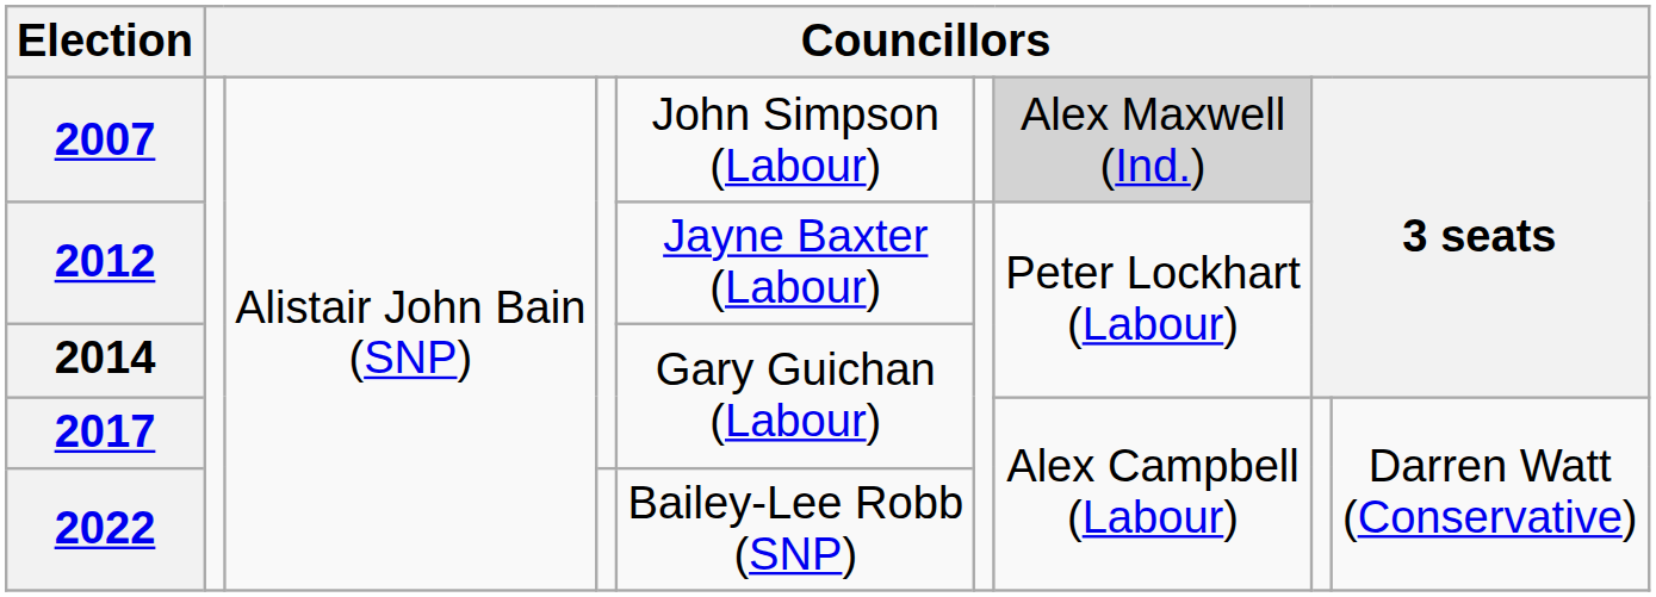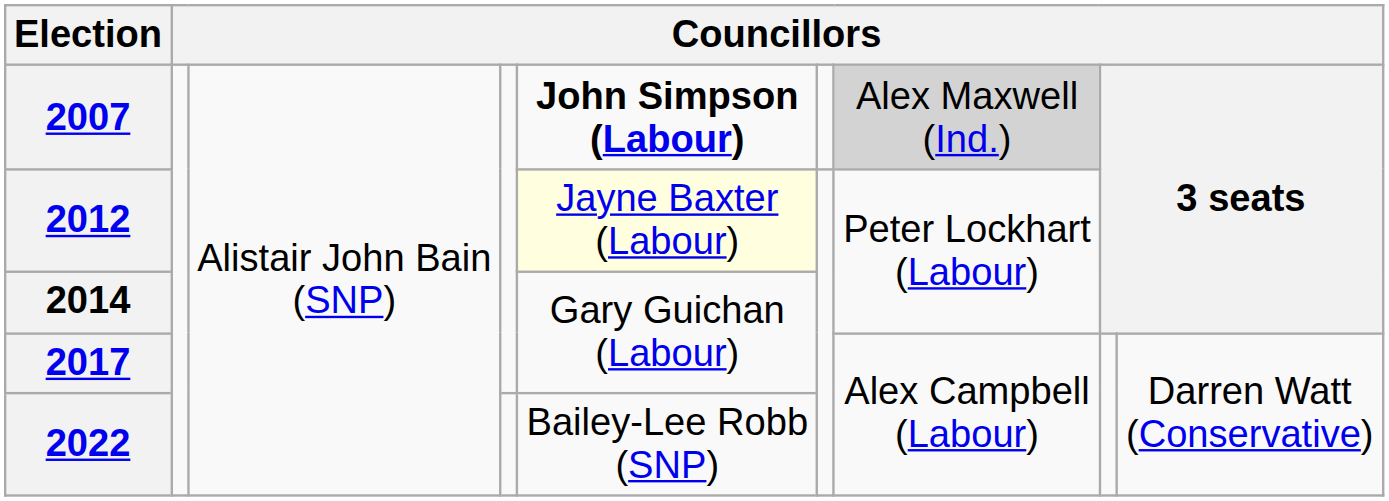 <table class="wikitable" style="text-align:center">
 <tr>
 <th>Election</th>
 <th colspan=8>Councillors</th>
 </tr>
 <tr>
 <th><a href='#'>2007</a></th>
 <td rowspan=5; style="background-color: "></td>
 <td rowspan=5>Alistair John Bain<br>(<a href='#'>SNP</a>)</td>
 <td rowspan=4; style="background-color: "></td>
-<td rowspan=1>John Simpson<br>(<a href='#'>Labour</a>)</td>
+<td rowspan=1><strong>John Simpson<br>(<a href='#'>Labour</a>)</strong></td>
 <td rowspan=1; style="background-color: "></td>
 <td rowspan=1 style="background: lightgrey;">Alex Maxwell<br>(<a href='#'>Ind.</a>)</td>
 <th colspan=2; rowspan=3>3 seats</th>
 </tr>
 <tr>
 <th><a href='#'>2012</a></th>
-<td rowspan=1><a href='#'>Jayne Baxter</a><br>(<a href='#'>Labour</a>)</td>
+<td rowspan=1 style="background: lightyellow;"><a href='#'>Jayne Baxter</a><br>(<a href='#'>Labour</a>)</td>
 <td rowspan=4; style="background-color: "></td>
 <td rowspan=2>Peter Lockhart<br>(<a href='#'>Labour</a>)</td>
 </tr>
 <tr>
 <th>2014</th>
 <td rowspan=2>Gary Guichan<br>(<a href='#'>Labour</a>)</td>
 </tr>
 <tr>
 <th><a href='#'>2017</a></th>
 <td rowspan=2>Alex Campbell<br>(<a href='#'>Labour</a>)</td>
 <td rowspan=2; style="background-color: "></td>
 <td rowspan=2>Darren Watt<br>(<a href='#'>Conservative</a>)</td>
 </tr>
 <tr>
 <th><a href='#'>2022</a></th>
 <td rowspan=1; style="background-color: "></td>
 <td rowspan=1>Bailey-Lee Robb<br>(<a href='#'>SNP</a>)</td>
 </tr>
 </table>
